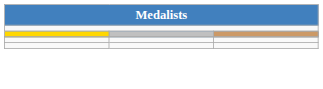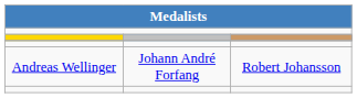 <table class="wikitable" style="font-size:95%; text-align:center; border:grey solid 1px; border-collapse:collapse;" width="30%">
 <tr style="background-color:#4180be; color:white;">
 <td colspan=3><strong>Medalists</strong></td>
 </tr>
 <tr>
 <td colspan=3></td>
 </tr>
 <tr style="background-color:#4180be; color:white;">
 <td width="5%" bgcolor=gold></td>
 <td width="5%" bgcolor=silver></td>
 <td width="5%" bgcolor=cc9966></td>
 </tr>
 <tr style="background-color:#8CB2D8; color:white;">
 </tr>
 <tr>
 <td></td>
 <td></td>
 <td></td>
 </tr>
 <tr>
+<td><a href='#'>Andreas Wellinger</a></td>
+<td><a href='#'>Johann André Forfang</a></td>
+<td><a href='#'>Robert Johansson</a></td>
+</tr>
+<tr>
 <td></td>
 <td></td>
 <td></td>
 </tr>
 </table>
